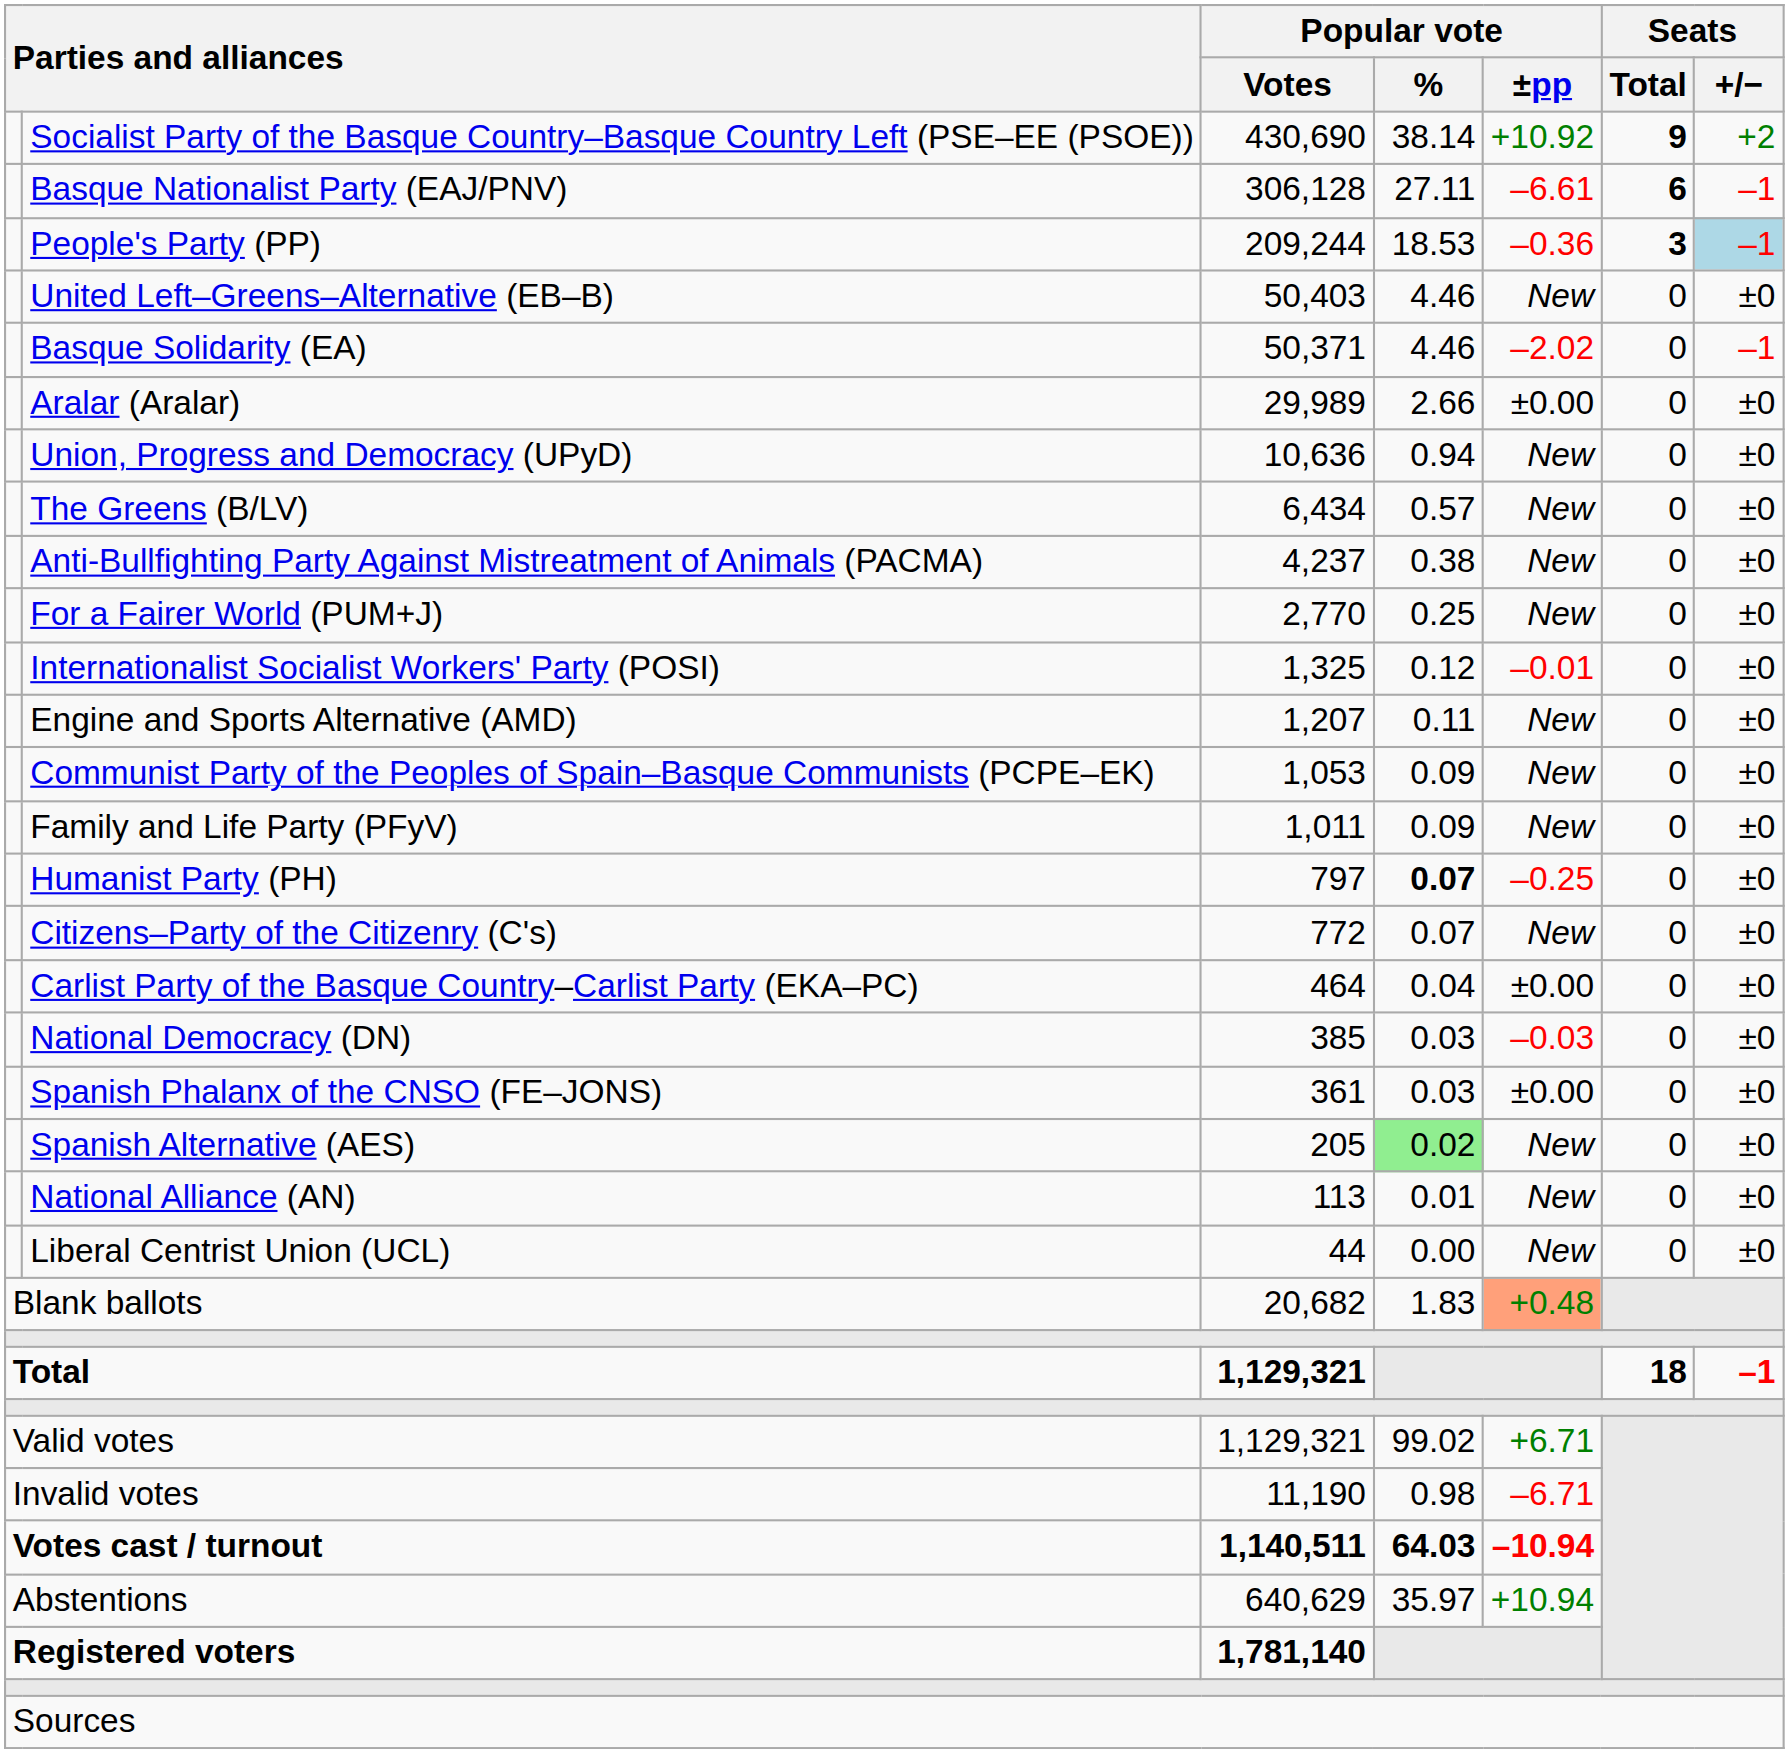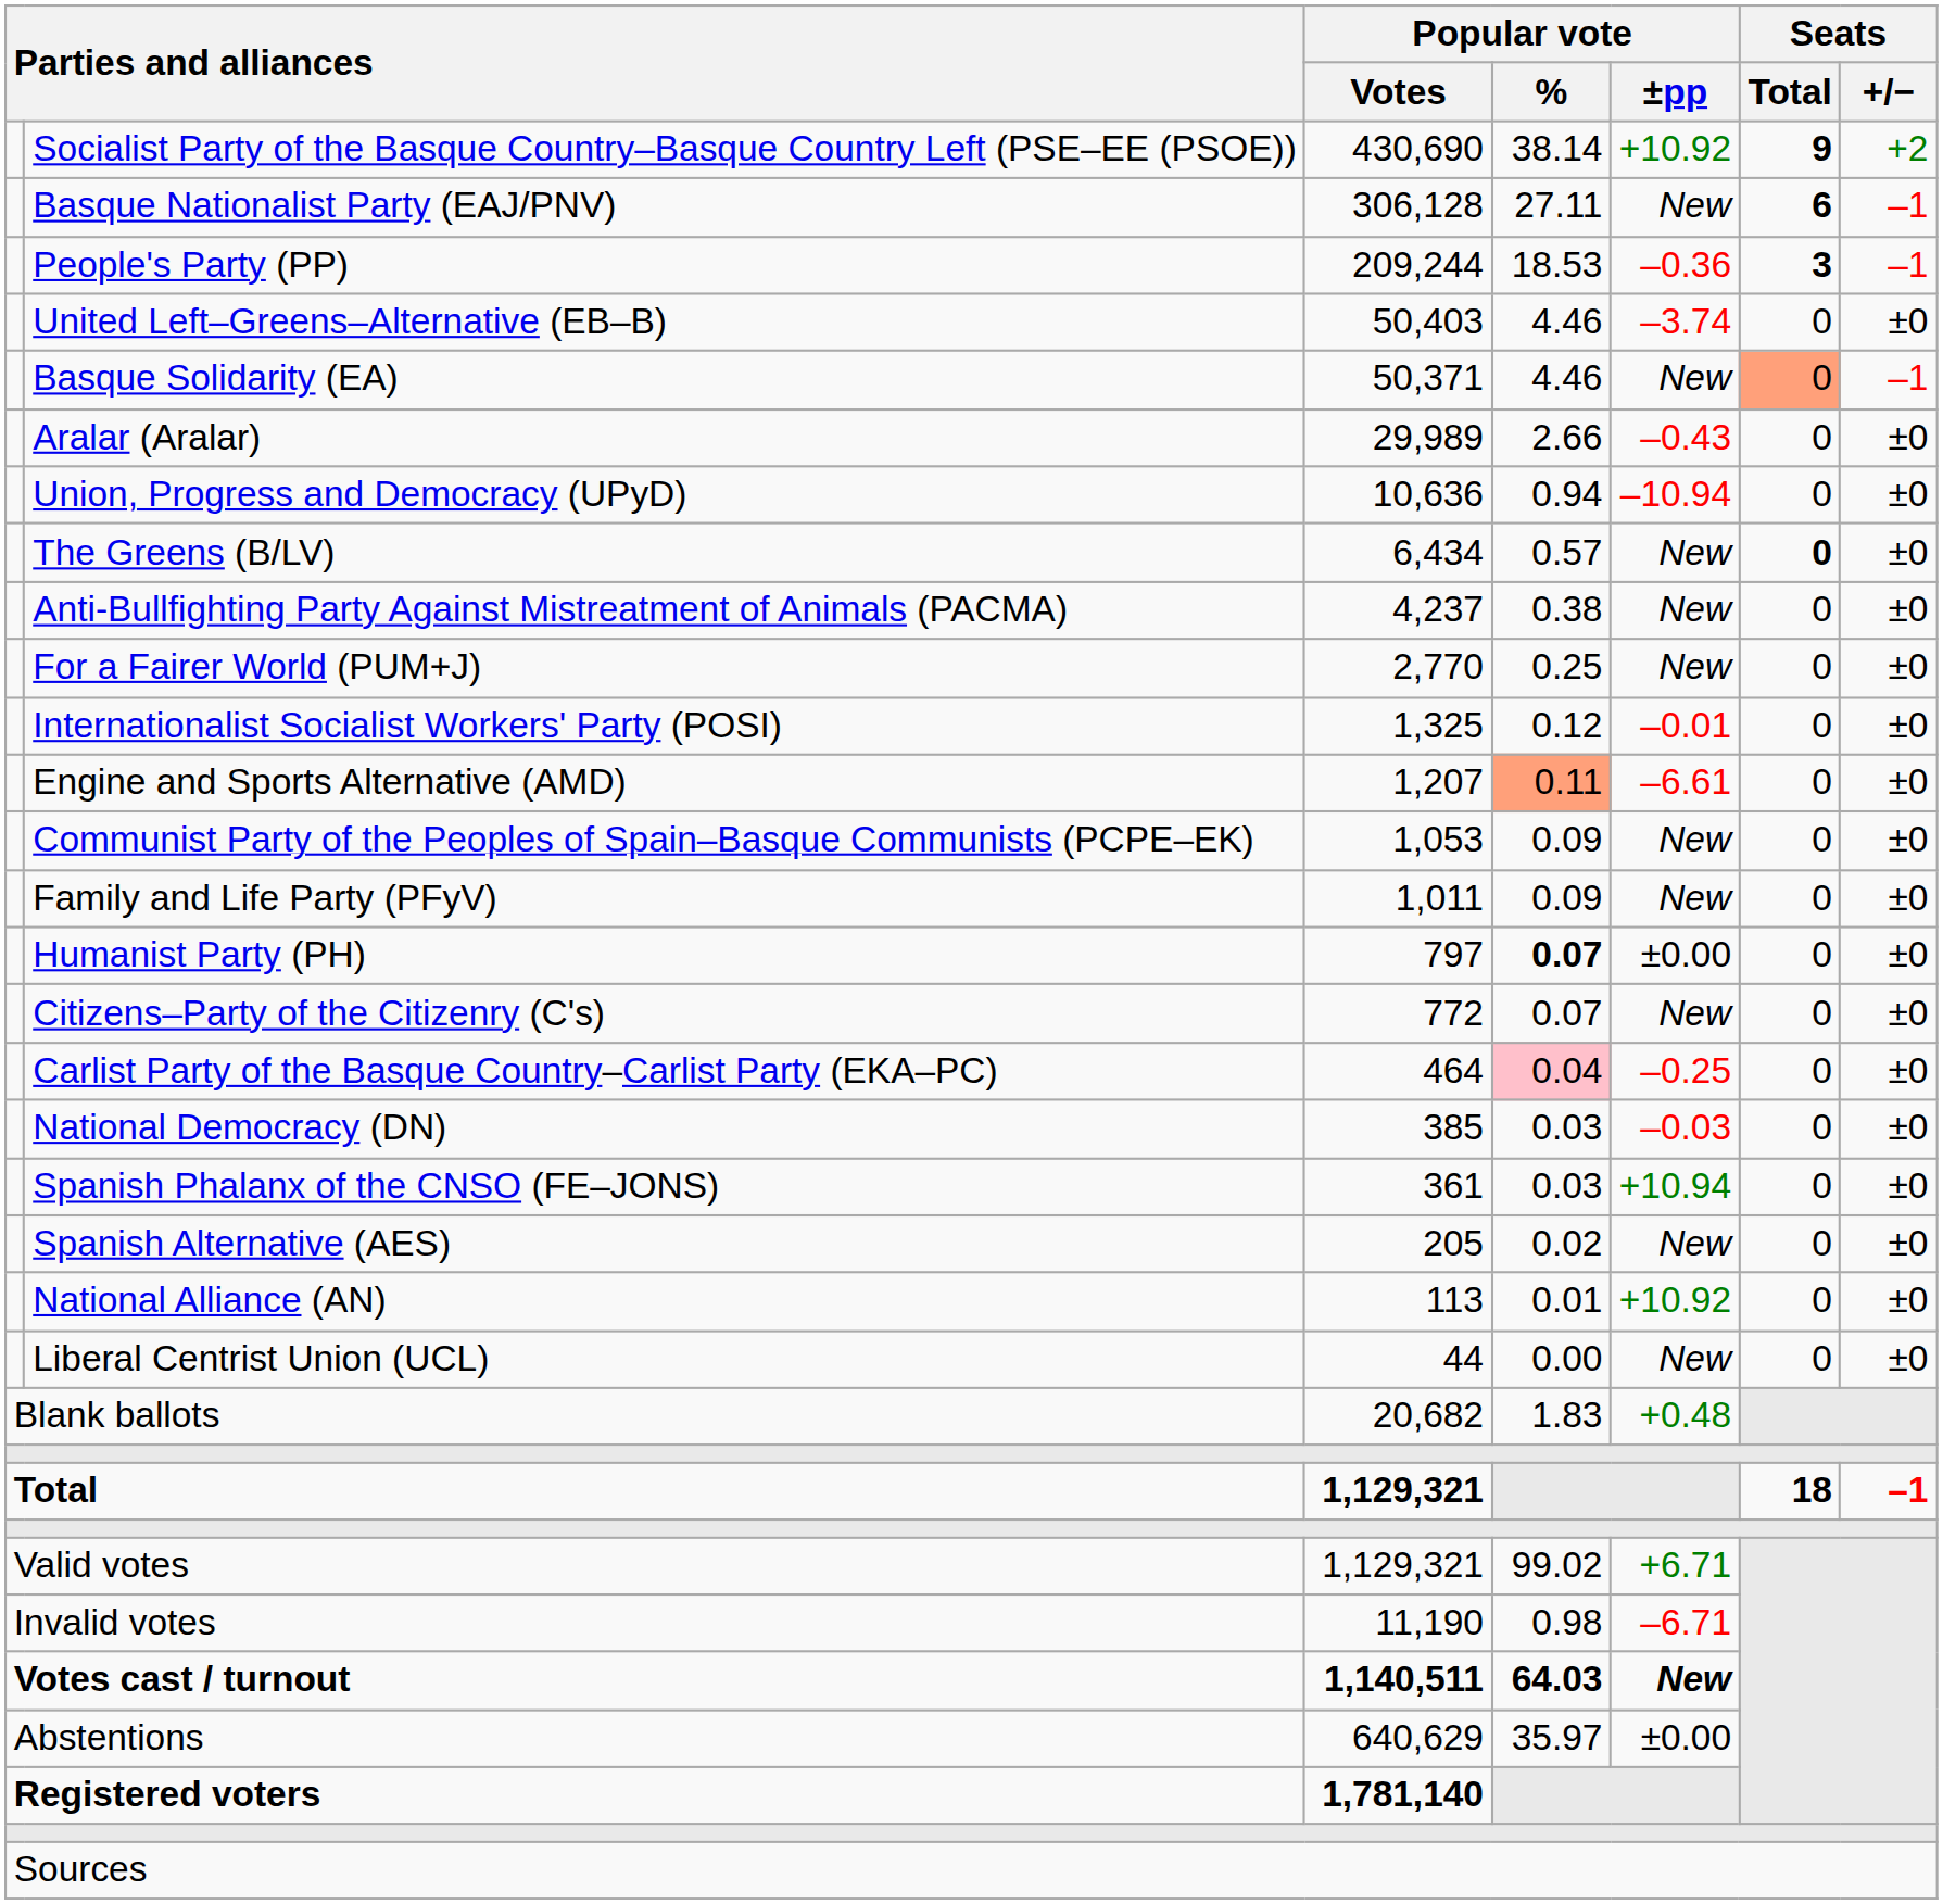 <table class="wikitable" style="text-align:right;">
 <tr>
 <th style="text-align:left;" rowspan="2" colspan="2" width="525">Parties and alliances</th>
 <th colspan="3">Popular vote</th>
 <th colspan="2">Seats</th>
 </tr>
 <tr>
 <th width="75">Votes</th>
 <th width="45">%</th>
 <th width="45">±<a href='#'>pp</a></th>
 <th width="35">Total</th>
 <th width="35">+/−</th>
 </tr>
 <tr>
 <td width="1" style="color:inherit;background:"></td>
 <td align="left"><a href='#'>Socialist Party of the Basque Country–Basque Country Left</a> (PSE–EE (PSOE))</td>
 <td>430,690</td>
 <td>38.14</td>
 <td style="color:green;">+10.92</td>
 <td><strong>9</strong></td>
 <td style="color:green;">+2</td>
 </tr>
 <tr>
 <td style="color:inherit;background:"></td>
 <td align="left"><a href='#'>Basque Nationalist Party</a> (EAJ/PNV)</td>
 <td>306,128</td>
 <td>27.11</td>
-<td style="color:red;">–6.61</td>
+<td><em>New</em></td>
 <td><strong>6</strong></td>
 <td style="color:red;">–1</td>
 </tr>
 <tr>
 <td style="color:inherit;background:"></td>
 <td align="left"><a href='#'>People's Party</a> (PP)</td>
 <td>209,244</td>
 <td>18.53</td>
 <td style="color:red;">–0.36</td>
 <td><strong>3</strong></td>
-<td style="background: lightblue; color:red;">–1</td>
+<td style="color:red;">–1</td>
 </tr>
 <tr>
 <td style="color:inherit;background:"></td>
 <td align="left"><a href='#'>United Left–Greens–Alternative</a> (EB–B)</td>
 <td>50,403</td>
 <td>4.46</td>
-<td><em>New</em></td>
+<td style="color:red;">–3.74</td>
 <td>0</td>
 <td>±0</td>
 </tr>
 <tr>
 <td style="color:inherit;background:"></td>
 <td align="left"><a href='#'>Basque Solidarity</a> (EA)</td>
 <td>50,371</td>
 <td>4.46</td>
-<td style="color:red;">–2.02</td>
-<td>0</td>
+<td><em>New</em></td>
+<td style="background: lightsalmon;">0</td>
 <td style="color:red;">–1</td>
 </tr>
 <tr>
 <td style="color:inherit;background:"></td>
 <td align="left"><a href='#'>Aralar</a> (Aralar)</td>
 <td>29,989</td>
 <td>2.66</td>
-<td>±0.00</td>
+<td style="color:red;">–0.43</td>
 <td>0</td>
 <td>±0</td>
 </tr>
 <tr>
 <td style="color:inherit;background:"></td>
 <td align="left"><a href='#'>Union, Progress and Democracy</a> (UPyD)</td>
 <td>10,636</td>
 <td>0.94</td>
-<td><em>New</em></td>
+<td style="color:red;">–10.94</td>
 <td>0</td>
 <td>±0</td>
 </tr>
 <tr>
 <td style="color:inherit;background:"></td>
 <td align="left"><a href='#'>The Greens</a> (B/LV)</td>
 <td>6,434</td>
 <td>0.57</td>
 <td><em>New</em></td>
-<td>0</td>
+<td><strong>0</strong></td>
 <td>±0</td>
 </tr>
 <tr>
 <td style="color:inherit;background:"></td>
 <td align="left"><a href='#'>Anti-Bullfighting Party Against Mistreatment of Animals</a> (PACMA)</td>
 <td>4,237</td>
 <td>0.38</td>
 <td><em>New</em></td>
 <td>0</td>
 <td>±0</td>
 </tr>
 <tr>
 <td style="color:inherit;background:"></td>
 <td align="left"><a href='#'>For a Fairer World</a> (PUM+J)</td>
 <td>2,770</td>
 <td>0.25</td>
 <td><em>New</em></td>
 <td>0</td>
 <td>±0</td>
 </tr>
 <tr>
 <td style="color:inherit;background:"></td>
 <td align="left"><a href='#'>Internationalist Socialist Workers' Party</a> (POSI)</td>
 <td>1,325</td>
 <td>0.12</td>
 <td style="color:red;">–0.01</td>
 <td>0</td>
 <td>±0</td>
 </tr>
 <tr>
 <td style="color:inherit;background:"></td>
 <td align="left">Engine and Sports Alternative (AMD)</td>
 <td>1,207</td>
-<td>0.11</td>
-<td><em>New</em></td>
+<td style="background: lightsalmon;">0.11</td>
+<td style="color:red;">–6.61</td>
 <td>0</td>
 <td>±0</td>
 </tr>
 <tr>
 <td style="color:inherit;background:"></td>
 <td align="left"><a href='#'>Communist Party of the Peoples of Spain–Basque Communists</a> (PCPE–EK)</td>
 <td>1,053</td>
 <td>0.09</td>
 <td><em>New</em></td>
 <td>0</td>
 <td>±0</td>
 </tr>
 <tr>
 <td style="color:inherit;background:"></td>
 <td align="left">Family and Life Party (PFyV)</td>
 <td>1,011</td>
 <td>0.09</td>
 <td><em>New</em></td>
 <td>0</td>
 <td>±0</td>
 </tr>
 <tr>
 <td style="color:inherit;background:"></td>
 <td align="left"><a href='#'>Humanist Party</a> (PH)</td>
 <td>797</td>
 <td><strong>0.07</strong></td>
-<td style="color:red;">–0.25</td>
+<td>±0.00</td>
 <td>0</td>
 <td>±0</td>
 </tr>
 <tr>
 <td style="color:inherit;background:"></td>
 <td align="left"><a href='#'>Citizens–Party of the Citizenry</a> (C's)</td>
 <td>772</td>
 <td>0.07</td>
 <td><em>New</em></td>
 <td>0</td>
 <td>±0</td>
 </tr>
 <tr>
 <td style="color:inherit;background:"></td>
 <td align="left"><a href='#'>Carlist Party of the Basque Country</a>–<a href='#'>Carlist Party</a> (EKA–PC)</td>
 <td>464</td>
-<td>0.04</td>
-<td>±0.00</td>
+<td style="background: pink;">0.04</td>
+<td style="color:red;">–0.25</td>
 <td>0</td>
 <td>±0</td>
 </tr>
 <tr>
 <td style="color:inherit;background:"></td>
 <td align="left"><a href='#'>National Democracy</a> (DN)</td>
 <td>385</td>
 <td>0.03</td>
 <td style="color:red;">–0.03</td>
 <td>0</td>
 <td>±0</td>
 </tr>
 <tr>
 <td style="color:inherit;background:"></td>
 <td align="left"><a href='#'>Spanish Phalanx of the CNSO</a> (FE–JONS)</td>
 <td>361</td>
 <td>0.03</td>
-<td>±0.00</td>
+<td style="color:green;">+10.94</td>
 <td>0</td>
 <td>±0</td>
 </tr>
 <tr>
 <td style="color:inherit;background:"></td>
 <td align="left"><a href='#'>Spanish Alternative</a> (AES)</td>
 <td>205</td>
-<td style="background: lightgreen;">0.02</td>
+<td>0.02</td>
 <td><em>New</em></td>
 <td>0</td>
 <td>±0</td>
 </tr>
 <tr>
 <td style="color:inherit;background:"></td>
 <td align="left"><a href='#'>National Alliance</a> (AN)</td>
 <td>113</td>
 <td>0.01</td>
-<td><em>New</em></td>
+<td style="color:green;">+10.92</td>
 <td>0</td>
 <td>±0</td>
 </tr>
 <tr>
 <td style="color:inherit;background:"></td>
 <td align="left">Liberal Centrist Union (UCL)</td>
 <td>44</td>
 <td>0.00</td>
 <td><em>New</em></td>
 <td>0</td>
 <td>±0</td>
 </tr>
 <tr>
 <td align="left" colspan="2">Blank ballots</td>
 <td>20,682</td>
 <td>1.83</td>
-<td style="background: lightsalmon; color:green;">+0.48</td>
+<td style="color:green;">+0.48</td>
 <td bgcolor="#E9E9E9" colspan="2"></td>
 </tr>
 <tr>
 <td colspan="7" bgcolor="#E9E9E9"></td>
 </tr>
 <tr style="font-weight:bold;">
 <td align="left" colspan="2">Total</td>
 <td>1,129,321</td>
 <td bgcolor="#E9E9E9" colspan="2"></td>
 <td>18</td>
 <td style="color:red;">–1</td>
 </tr>
 <tr>
 <td colspan="7" bgcolor="#E9E9E9"></td>
 </tr>
 <tr>
 <td align="left" colspan="2">Valid votes</td>
 <td>1,129,321</td>
 <td>99.02</td>
 <td style="color:green;">+6.71</td>
 <td bgcolor="#E9E9E9" colspan="2" rowspan="5"></td>
 </tr>
 <tr>
 <td align="left" colspan="2">Invalid votes</td>
 <td>11,190</td>
 <td>0.98</td>
 <td style="color:red;">–6.71</td>
 </tr>
 <tr style="font-weight:bold;">
 <td align="left" colspan="2">Votes cast / turnout</td>
 <td>1,140,511</td>
 <td>64.03</td>
-<td style="color:red;">–10.94</td>
+<td><em>New</em></td>
 </tr>
 <tr>
 <td align="left" colspan="2">Abstentions</td>
 <td>640,629</td>
 <td>35.97</td>
-<td style="color:green;">+10.94</td>
+<td>±0.00</td>
 </tr>
 <tr style="font-weight:bold;">
 <td align="left" colspan="2">Registered voters</td>
 <td>1,781,140</td>
 <td bgcolor="#E9E9E9" colspan="2"></td>
 </tr>
 <tr>
 <td colspan="7" bgcolor="#E9E9E9"></td>
 </tr>
 <tr>
 <td align="left" colspan="7">Sources</td>
 </tr>
 </table>
